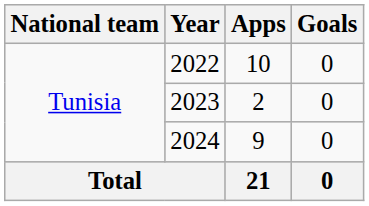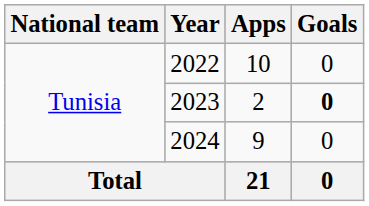 <table class="wikitable" style="text-align:center">
 <tr>
 <th>National team</th>
 <th>Year</th>
 <th>Apps</th>
 <th>Goals</th>
 </tr>
 <tr>
 <td rowspan="3"><a href='#'>Tunisia</a></td>
 <td>2022</td>
 <td>10</td>
 <td>0</td>
 </tr>
 <tr>
 <td>2023</td>
 <td>2</td>
-<td>0</td>
+<td><strong>0</strong></td>
 </tr>
 <tr>
 <td>2024</td>
 <td>9</td>
 <td>0</td>
 </tr>
 <tr>
 <th colspan="2">Total</th>
 <th>21</th>
 <th>0</th>
 </tr>
 </table>
